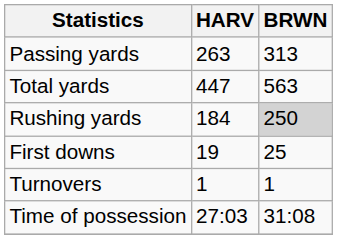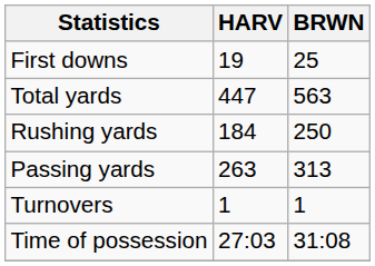 <table class="wikitable">
 <tr>
 <th>Statistics</th>
 <th>HARV</th>
 <th>BRWN</th>
 </tr>
 <tr>
-<td>Passing yards</td>
-<td>263</td>
-<td>313</td>
+<td>First downs</td>
+<td>19</td>
+<td>25</td>
 </tr>
 <tr>
 <td>Total yards</td>
 <td>447</td>
 <td>563</td>
 </tr>
 <tr>
 <td>Rushing yards</td>
 <td>184</td>
-<td style="background: lightgrey;">250</td>
+<td>250</td>
 </tr>
 <tr>
-<td>First downs</td>
-<td>19</td>
-<td>25</td>
+<td>Passing yards</td>
+<td>263</td>
+<td>313</td>
 </tr>
 <tr>
 <td>Turnovers</td>
 <td>1</td>
 <td>1</td>
 </tr>
 <tr>
 <td>Time of possession</td>
 <td>27:03</td>
 <td>31:08</td>
 </tr>
 <tr>
 </tr>
 </table>
